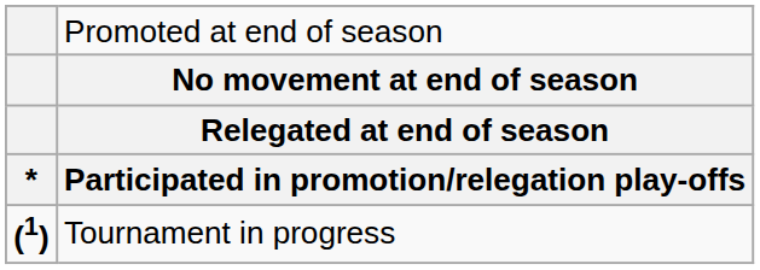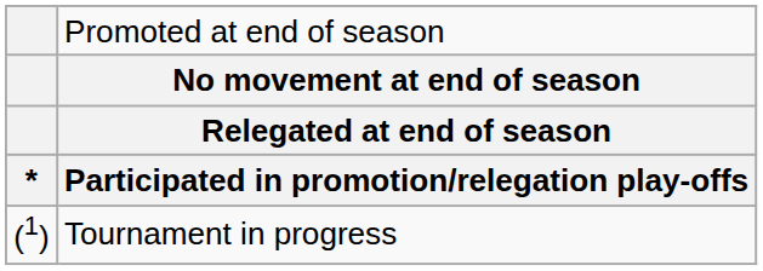 <table class="wikitable" style="font-size:85%">
 <tr>
 <th></th>
 <td>Promoted at end of season</td>
 </tr>
 <tr>
 <th></th>
 <th>No movement at end of season</th>
 </tr>
 <tr>
 <th></th>
 <th>Relegated at end of season</th>
 </tr>
 <tr>
 <th>*</th>
 <th>Participated in promotion/relegation play-offs</th>
 </tr>
 <tr>
-<td><strong>(<sup>1</sup>)</strong></td>
+<td>(<sup>1</sup>)</td>
 <td>Tournament in progress</td>
 </tr>
 </table>
